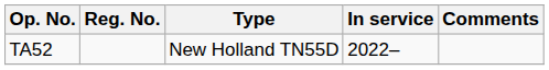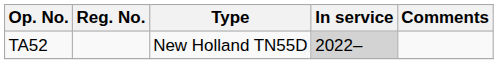 <table class="wikitable">
 <tr>
 <th>Op. No.</th>
 <th>Reg. No.</th>
 <th>Type</th>
 <th>In service</th>
 <th>Comments</th>
 </tr>
 <tr>
 <td>TA52</td>
 <td></td>
 <td>New Holland TN55D</td>
-<td>2022–</td>
+<td style="background: lightgrey;">2022–</td>
 <td></td>
 </tr>
 <tr>
 </tr>
 </table>
